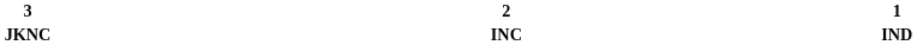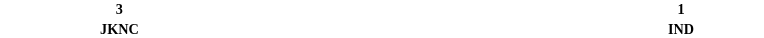 <table style="width:100%; text-align:center;">
 <tr>
 <td style="background:"><strong>3</strong></td>
-<td style="background:"><strong>2</strong></td>
 <td style="background:"><strong>1</strong></td>
 </tr>
 <tr>
 <td><span><strong>JKNC</strong></span></td>
-<td><span><strong>INC</strong></span></td>
 <td><span><strong>IND</strong></span></td>
 </tr>
 </table>
